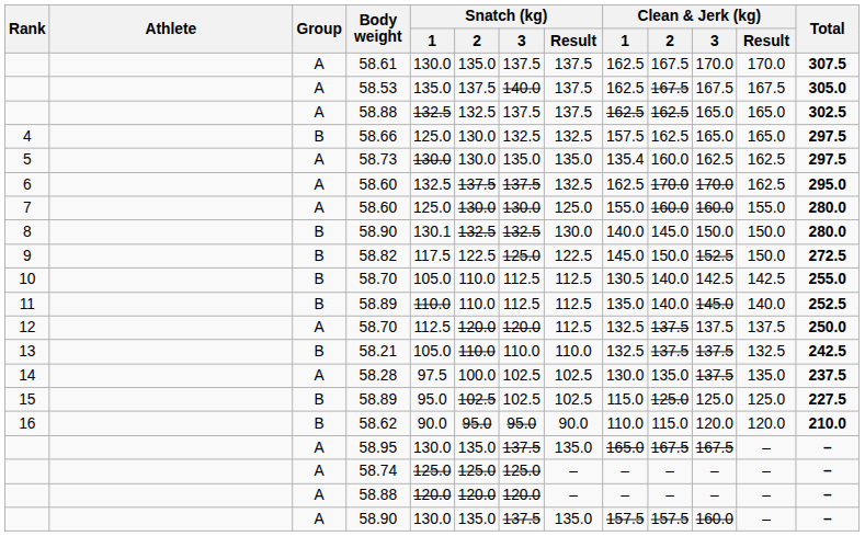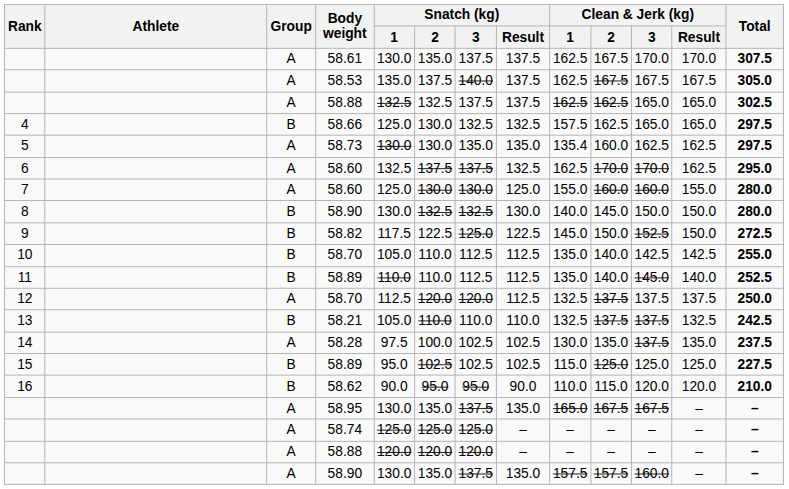 <table class="wikitable" style=" text-align:center;">
 <tr>
 <th rowspan=2 width=40>Rank</th>
 <th rowspan=2 width=250>Athlete</th>
 <th rowspan=2 width=50>Group</th>
 <th rowspan=2 width=60>Body weight</th>
 <th colspan=4>Snatch (kg)</th>
 <th colspan=4>Clean & Jerk (kg)</th>
 <th rowspan=2 width=60>Total</th>
 </tr>
 <tr>
 <th width=40>1</th>
 <th width=40>2</th>
 <th width=40>3</th>
 <th width=55>Result</th>
 <th width=40>1</th>
 <th width=40>2</th>
 <th width=40>3</th>
 <th width=55>Result</th>
 </tr>
 <tr>
 <td></td>
 <td align=left></td>
 <td>A</td>
 <td>58.61</td>
 <td>130.0</td>
 <td>135.0</td>
 <td>137.5</td>
 <td>137.5</td>
 <td>162.5</td>
 <td>167.5</td>
 <td>170.0</td>
 <td>170.0</td>
 <td><strong>307.5</strong></td>
 </tr>
 <tr>
 <td></td>
 <td align=left></td>
 <td>A</td>
 <td>58.53</td>
 <td>135.0</td>
 <td>137.5</td>
 <td><s>140.0</s></td>
 <td>137.5</td>
 <td>162.5</td>
 <td><s>167.5</s></td>
 <td>167.5</td>
 <td>167.5</td>
 <td><strong>305.0</strong></td>
 </tr>
 <tr>
 <td></td>
 <td align=left></td>
 <td>A</td>
 <td>58.88</td>
 <td><s>132.5</s></td>
 <td>132.5</td>
 <td>137.5</td>
 <td>137.5</td>
 <td><s>162.5</s></td>
 <td><s>162.5</s></td>
 <td>165.0</td>
 <td>165.0</td>
 <td><strong>302.5</strong></td>
 </tr>
 <tr>
 <td>4</td>
 <td align=left></td>
 <td>B</td>
 <td>58.66</td>
 <td>125.0</td>
 <td>130.0</td>
 <td>132.5</td>
 <td>132.5</td>
 <td>157.5</td>
 <td>162.5</td>
 <td>165.0</td>
 <td>165.0</td>
 <td><strong>297.5</strong></td>
 </tr>
 <tr>
 <td>5</td>
 <td align=left></td>
 <td>A</td>
 <td>58.73</td>
 <td><s>130.0</s></td>
 <td>130.0</td>
 <td>135.0</td>
 <td>135.0</td>
 <td>135.4</td>
 <td>160.0</td>
 <td>162.5</td>
 <td>162.5</td>
 <td><strong>297.5</strong></td>
 </tr>
 <tr>
 <td>6</td>
 <td align=left></td>
 <td>A</td>
 <td>58.60</td>
 <td>132.5</td>
 <td><s>137.5</s></td>
 <td><s>137.5</s></td>
 <td>132.5</td>
 <td>162.5</td>
 <td><s>170.0</s></td>
 <td><s>170.0</s></td>
 <td>162.5</td>
 <td><strong>295.0</strong></td>
 </tr>
 <tr>
 <td>7</td>
 <td align=left></td>
 <td>A</td>
 <td>58.60</td>
 <td>125.0</td>
 <td><s>130.0</s></td>
 <td><s>130.0</s></td>
 <td>125.0</td>
 <td>155.0</td>
 <td><s>160.0</s></td>
 <td><s>160.0</s></td>
 <td>155.0</td>
 <td><strong>280.0</strong></td>
 </tr>
 <tr>
 <td>8</td>
 <td align=left></td>
 <td>B</td>
 <td>58.90</td>
-<td>130.1</td>
+<td>130.0</td>
 <td><s>132.5</s></td>
 <td><s>132.5</s></td>
 <td>130.0</td>
 <td>140.0</td>
 <td>145.0</td>
 <td>150.0</td>
 <td>150.0</td>
 <td><strong>280.0</strong></td>
 </tr>
 <tr>
 <td>9</td>
 <td align=left></td>
 <td>B</td>
 <td>58.82</td>
 <td>117.5</td>
 <td>122.5</td>
 <td><s>125.0</s></td>
 <td>122.5</td>
 <td>145.0</td>
 <td>150.0</td>
 <td><s>152.5</s></td>
 <td>150.0</td>
 <td><strong>272.5</strong></td>
 </tr>
 <tr>
 <td>10</td>
 <td align=left></td>
 <td>B</td>
 <td>58.70</td>
 <td>105.0</td>
 <td>110.0</td>
 <td>112.5</td>
 <td>112.5</td>
-<td>130.5</td>
+<td>135.0</td>
 <td>140.0</td>
 <td>142.5</td>
 <td>142.5</td>
 <td><strong>255.0</strong></td>
 </tr>
 <tr>
 <td>11</td>
 <td align=left></td>
 <td>B</td>
 <td>58.89</td>
 <td><s>110.0</s></td>
 <td>110.0</td>
 <td>112.5</td>
 <td>112.5</td>
 <td>135.0</td>
 <td>140.0</td>
 <td><s>145.0</s></td>
 <td>140.0</td>
 <td><strong>252.5</strong></td>
 </tr>
 <tr>
 <td>12</td>
 <td align=left></td>
 <td>A</td>
 <td>58.70</td>
 <td>112.5</td>
 <td><s>120.0</s></td>
 <td><s>120.0</s></td>
 <td>112.5</td>
 <td>132.5</td>
 <td><s>137.5</s></td>
 <td>137.5</td>
 <td>137.5</td>
 <td><strong>250.0</strong></td>
 </tr>
 <tr>
 <td>13</td>
 <td align=left></td>
 <td>B</td>
 <td>58.21</td>
 <td>105.0</td>
 <td><s>110.0</s></td>
 <td>110.0</td>
 <td>110.0</td>
 <td>132.5</td>
 <td><s>137.5</s></td>
 <td><s>137.5</s></td>
 <td>132.5</td>
 <td><strong>242.5</strong></td>
 </tr>
 <tr>
 <td>14</td>
 <td align=left></td>
 <td>A</td>
 <td>58.28</td>
 <td>97.5</td>
 <td>100.0</td>
 <td>102.5</td>
 <td>102.5</td>
 <td>130.0</td>
 <td>135.0</td>
 <td><s>137.5</s></td>
 <td>135.0</td>
 <td><strong>237.5</strong></td>
 </tr>
 <tr>
 <td>15</td>
 <td align=left></td>
 <td>B</td>
 <td>58.89</td>
 <td>95.0</td>
 <td><s>102.5</s></td>
 <td>102.5</td>
 <td>102.5</td>
 <td>115.0</td>
 <td><s>125.0</s></td>
 <td>125.0</td>
 <td>125.0</td>
 <td><strong>227.5</strong></td>
 </tr>
 <tr>
 <td>16</td>
 <td align=left></td>
 <td>B</td>
 <td>58.62</td>
 <td>90.0</td>
 <td><s>95.0</s></td>
 <td><s>95.0</s></td>
 <td>90.0</td>
 <td>110.0</td>
 <td>115.0</td>
 <td>120.0</td>
 <td>120.0</td>
 <td><strong>210.0</strong></td>
 </tr>
 <tr>
 <td></td>
 <td align="left"></td>
 <td>A</td>
 <td>58.95</td>
 <td>130.0</td>
 <td>135.0</td>
 <td><s>137.5</s></td>
 <td>135.0</td>
 <td><s>165.0</s></td>
 <td><s>167.5</s></td>
 <td><s>167.5</s></td>
 <td>–</td>
 <td><strong>–</strong></td>
 </tr>
 <tr>
 <td></td>
 <td align="left"></td>
 <td>A</td>
 <td>58.74</td>
 <td><s>125.0</s></td>
 <td><s>125.0</s></td>
 <td><s>125.0</s></td>
 <td>–</td>
 <td>–</td>
 <td>–</td>
 <td>–</td>
 <td>–</td>
 <td><strong>–</strong></td>
 </tr>
 <tr>
 <td></td>
 <td align="left"></td>
 <td>A</td>
 <td>58.88</td>
 <td><s>120.0</s></td>
 <td><s>120.0</s></td>
 <td><s>120.0</s></td>
 <td>–</td>
 <td>–</td>
 <td>–</td>
 <td>–</td>
 <td>–</td>
 <td><strong>–</strong></td>
 </tr>
 <tr>
 <td></td>
 <td align="left"></td>
 <td>A</td>
 <td>58.90</td>
 <td>130.0</td>
 <td>135.0</td>
 <td><s>137.5</s></td>
 <td>135.0</td>
 <td><s>157.5</s></td>
 <td><s>157.5</s></td>
 <td><s>160.0</s></td>
 <td>–</td>
 <td><strong>–</strong></td>
 </tr>
 </table>
